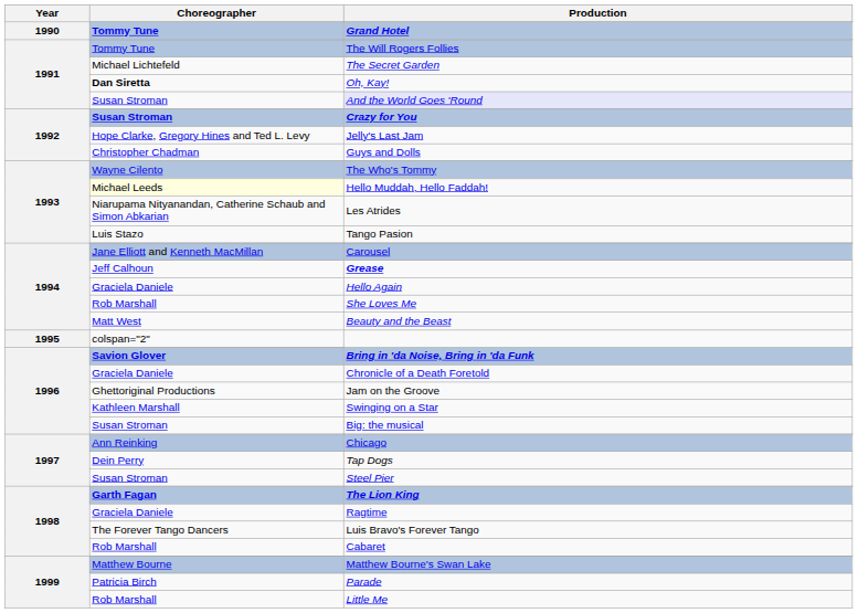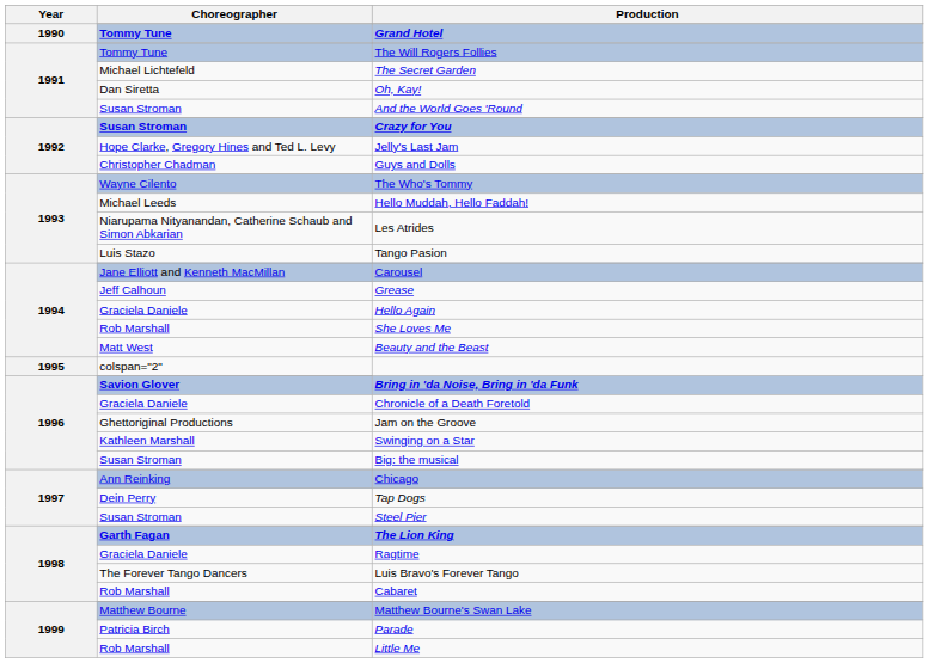 <table class="wikitable" style="width:98%;">
 <tr style="background:#bebebe;">
 <th style="width:10%;">Year</th>
 <th style="width:30%;">Choreographer</th>
 <th style="width:60%;">Production</th>
 </tr>
 <tr>
 <th rowspan="2">1990</th>
 </tr>
 <tr style="background:#B0C4DE">
 <td><strong><a href='#'>Tommy Tune</a></strong></td>
 <td><strong><em><a href='#'>Grand Hotel</a><em> <strong></td>
 </tr>
 <tr>
 <th rowspan="5">1991</th>
 </tr>
 <tr style="background:#B0C4DE">
 <td></strong><a href='#'>Tommy Tune</a><strong></td>
 <td></em></strong><a href='#'>The Will Rogers Follies</a></em> </strong></td>
 </tr>
 <tr>
 <td>Michael Lichtefeld</td>
 <td><em><a href='#'>The Secret Garden</a></em></td>
 </tr>
 <tr>
-<td><strong>Dan Siretta</strong></td>
+<td>Dan Siretta</td>
 <td><em><a href='#'>Oh, Kay!</a></em></td>
 </tr>
 <tr>
 <td><a href='#'>Susan Stroman</a></td>
-<td style="background: lavender;"><em><a href='#'>And the World Goes 'Round</a></em></td>
+<td><em><a href='#'>And the World Goes 'Round</a></em></td>
 </tr>
 <tr>
 <th rowspan="4">1992</th>
 </tr>
 <tr style="background:#B0C4DE">
 <td><strong><a href='#'>Susan Stroman</a></strong></td>
 <td><strong><em><a href='#'>Crazy for You</a><em> <strong></td>
 </tr>
 <tr>
 <td><a href='#'>Hope Clarke</a>, <a href='#'>Gregory Hines</a> and Ted L. Levy</td>
 <td></em><a href='#'>Jelly's Last Jam</a><em></td>
 </tr>
 <tr>
 <td><a href='#'>Christopher Chadman</a></td>
 <td></em><a href='#'>Guys and Dolls</a><em></td>
 </tr>
 <tr>
 <th rowspan="5">1993</th>
 </tr>
 <tr style="background:#B0C4DE">
 <td></strong><a href='#'>Wayne Cilento</a><strong></td>
 <td></em></strong><a href='#'>The Who's Tommy</a><strong><em></td>
 </tr>
 <tr>
-<td style="background: lightyellow;">Michael Leeds</td>
+<td>Michael Leeds</td>
 <td></em><a href='#'>Hello Muddah, Hello Faddah!</a><em></td>
 </tr>
 <tr>
 <td>Niarupama Nityanandan, Catherine Schaub and <a href='#'>Simon Abkarian</a></td>
 <td></em>Les Atrides<em></td>
 </tr>
 <tr>
 <td>Luis Stazo</td>
 <td></em>Tango Pasion<em></td>
 </tr>
 <tr>
 <th rowspan="6">1994</th>
 </tr>
 <tr style="background:#B0C4DE">
 <td></strong><a href='#'>Jane Elliott</a> and <a href='#'>Kenneth MacMillan</a><strong></td>
 <td></em></strong><a href='#'>Carousel</a></em> </strong></td>
 </tr>
 <tr>
 <td><a href='#'>Jeff Calhoun</a></td>
-<td><strong><em><a href='#'>Grease</a></em></strong></td>
+<td><em><a href='#'>Grease</a></em></td>
 </tr>
 <tr>
 <td><a href='#'>Graciela Daniele</a></td>
 <td><em><a href='#'>Hello Again</a></em></td>
 </tr>
 <tr>
 <td><a href='#'>Rob Marshall</a></td>
 <td><em><a href='#'>She Loves Me</a></em></td>
 </tr>
 <tr>
 <td><a href='#'>Matt West</a></td>
 <td><em><a href='#'>Beauty and the Beast</a></em></td>
 </tr>
 <tr>
 <th>1995</th>
 <td>colspan="2" </td>
 </tr>
 <tr>
 <th rowspan="6">1996</th>
 </tr>
 <tr style="background:#B0C4DE">
 <td><strong><a href='#'>Savion Glover</a></strong></td>
 <td><strong><em><a href='#'>Bring in 'da Noise, Bring in 'da Funk</a><em> <strong></td>
 </tr>
 <tr>
 <td><a href='#'>Graciela Daniele</a></td>
 <td></em><a href='#'>Chronicle of a Death Foretold</a><em></td>
 </tr>
 <tr>
 <td>Ghettoriginal Productions</td>
 <td></em>Jam on the Groove<em></td>
 </tr>
 <tr>
 <td><a href='#'>Kathleen Marshall</a></td>
 <td></em><a href='#'>Swinging on a Star</a><em></td>
 </tr>
 <tr>
 <td><a href='#'>Susan Stroman</a></td>
 <td></em><a href='#'>Big: the musical</a><em></td>
 </tr>
 <tr>
 <th rowspan="4">1997</th>
 </tr>
 <tr style="background:#B0C4DE">
 <td></strong><a href='#'>Ann Reinking</a><strong></td>
 <td></em></strong><a href='#'>Chicago</a></em> </strong></td>
 </tr>
 <tr>
 <td><a href='#'>Dein Perry</a></td>
 <td><em>Tap Dogs</em></td>
 </tr>
 <tr>
 <td><a href='#'>Susan Stroman</a></td>
 <td><em><a href='#'>Steel Pier</a></em></td>
 </tr>
 <tr>
 <th rowspan="5">1998</th>
 </tr>
 <tr style="background:#B0C4DE">
 <td><strong><a href='#'>Garth Fagan</a></strong></td>
 <td><strong><em><a href='#'>The Lion King</a><em> <strong></td>
 </tr>
 <tr>
 <td><a href='#'>Graciela Daniele</a></td>
 <td></em><a href='#'>Ragtime</a><em></td>
 </tr>
 <tr>
 <td>The Forever Tango Dancers</td>
 <td></em>Luis Bravo's Forever Tango<em></td>
 </tr>
 <tr>
 <td><a href='#'>Rob Marshall</a></td>
 <td></em><a href='#'>Cabaret</a><em></td>
 </tr>
 <tr>
 <th rowspan="4">1999</th>
 </tr>
 <tr style="background:#B0C4DE">
 <td></strong><a href='#'>Matthew Bourne</a><strong></td>
 <td></em></strong><a href='#'>Matthew Bourne's Swan Lake</a></em> </strong></td>
 </tr>
 <tr>
 <td><a href='#'>Patricia Birch</a></td>
 <td><em><a href='#'>Parade</a></em></td>
 </tr>
 <tr>
 <td><a href='#'>Rob Marshall</a></td>
 <td><em><a href='#'>Little Me</a></em></td>
 </tr>
 </table>
